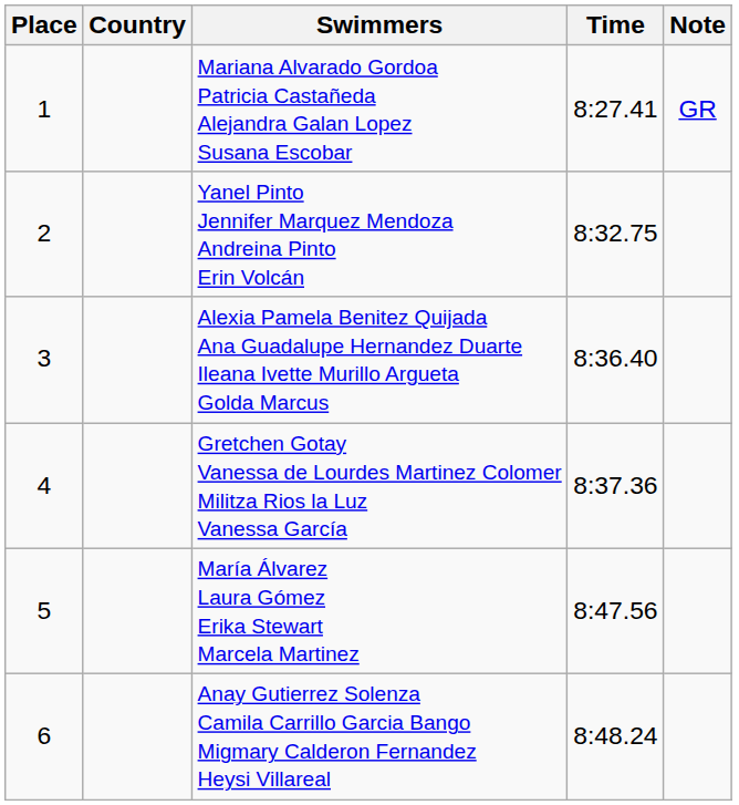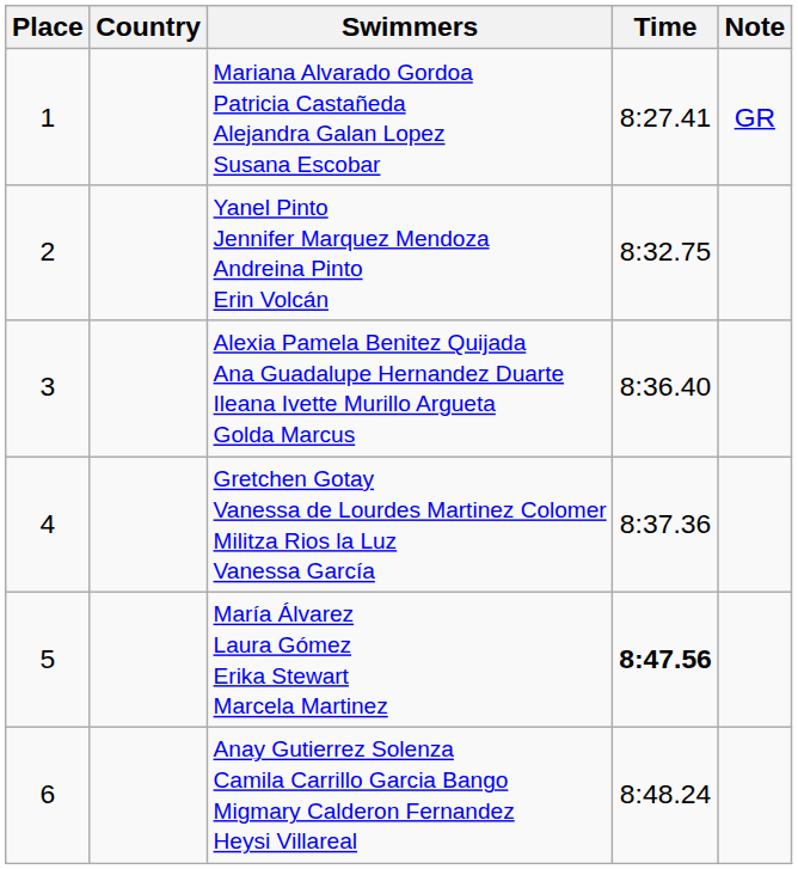 <table class="wikitable" style="text-align:center">
 <tr>
 <th>Place</th>
 <th>Country</th>
 <th>Swimmers</th>
 <th>Time</th>
 <th>Note</th>
 </tr>
 <tr>
 <td>1</td>
 <td align=left></td>
 <td align=left><small><a href='#'>Mariana Alvarado Gordoa</a><br> <a href='#'>Patricia Castañeda</a><br> <a href='#'>Alejandra Galan Lopez</a><br> <a href='#'>Susana Escobar</a> </small></td>
 <td>8:27.41</td>
 <td><a href='#'>GR</a></td>
 </tr>
 <tr>
 <td>2</td>
 <td align=left></td>
 <td align=left><small><a href='#'>Yanel Pinto</a><br> <a href='#'>Jennifer Marquez Mendoza</a><br> <a href='#'>Andreina Pinto</a><br> <a href='#'>Erin Volcán</a> </small></td>
 <td>8:32.75</td>
 <td></td>
 </tr>
 <tr>
 <td>3</td>
 <td align=left></td>
 <td align=left><small><a href='#'>Alexia Pamela Benitez Quijada</a><br> <a href='#'>Ana Guadalupe Hernandez Duarte</a><br> <a href='#'>Ileana Ivette Murillo Argueta</a><br> <a href='#'>Golda Marcus</a> </small></td>
 <td>8:36.40</td>
 <td></td>
 </tr>
 <tr>
 <td>4</td>
 <td align=left></td>
 <td align=left><small><a href='#'>Gretchen Gotay</a><br> <a href='#'>Vanessa de Lourdes Martinez Colomer</a><br> <a href='#'>Militza Rios la Luz</a><br> <a href='#'>Vanessa García</a> </small></td>
 <td>8:37.36</td>
 <td></td>
 </tr>
 <tr>
 <td>5</td>
 <td align=left></td>
 <td align=left><small><a href='#'>María Álvarez</a><br> <a href='#'>Laura Gómez</a><br> <a href='#'>Erika Stewart</a><br> <a href='#'>Marcela Martinez</a> </small></td>
-<td>8:47.56</td>
+<td><strong>8:47.56</strong></td>
 <td></td>
 </tr>
 <tr>
 <td>6</td>
 <td align=left></td>
 <td align=left><small><a href='#'>Anay Gutierrez Solenza</a><br> <a href='#'>Camila Carrillo Garcia Bango</a><br> <a href='#'>Migmary Calderon Fernandez</a><br> <a href='#'>Heysi Villareal</a> </small></td>
 <td>8:48.24</td>
 <td></td>
 </tr>
 <tr>
 </tr>
 </table>
